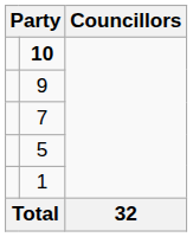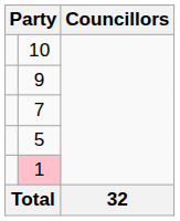 <table class="wikitable">
 <tr>
 <th colspan=2>Party</th>
 <th>Councillors</th>
 </tr>
 <tr>
 <td></td>
-<td align=center><strong>10</strong></td>
+<td align=center>10</td>
 </tr>
 <tr>
 <td></td>
 <td align=center>9</td>
 </tr>
 <tr>
 <td></td>
 <td align=center>7</td>
 </tr>
 <tr>
 <td></td>
 <td align=center>5</td>
 </tr>
 <tr>
 <td></td>
-<td align=center>1</td>
+<td align=center style="background: pink;">1</td>
 </tr>
 <tr>
 <th colspan=2>Total</th>
 <th align=center>32</th>
 </tr>
 </table>
